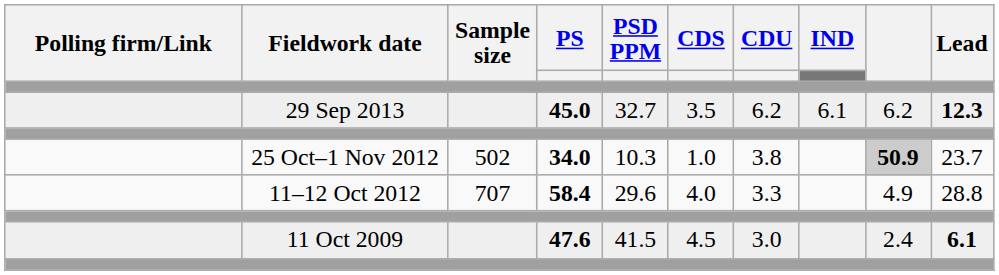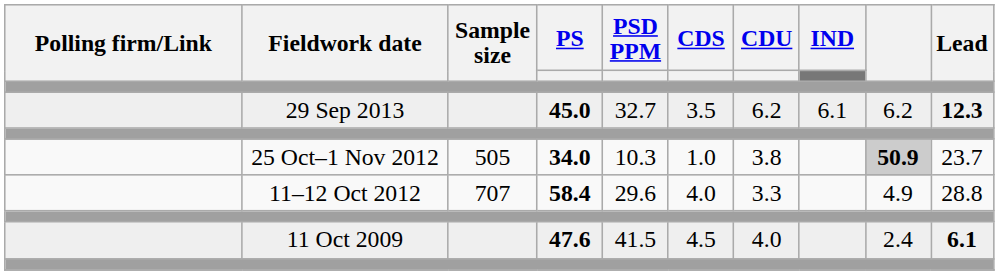 <table class="wikitable collapsible sortable" style="text-align:center; font-size:95%; line-height:16px;">
 <tr style="height:42px;">
 <th style="width:145px;" rowspan="2">Polling firm/Link</th>
 <th style="width:125px;" rowspan="2">Fieldwork date</th>
 <th class="unsortable" style="width:50px;" rowspan="2">Sample size</th>
 <th class="unsortable" style="width:35px;"><a href='#'>PS</a></th>
 <th class="unsortable" style="width:35px;"><a href='#'>PSD</a><br><a href='#'>PPM</a></th>
 <th class="unsortable" style="width:35px;"><a href='#'>CDS</a></th>
 <th class="unsortable" style="width:35px;"><a href='#'>CDU</a></th>
 <th class="unsortable" style="width:35px;"><a href='#'>IND</a></th>
 <th class="unsortable" style="width:35px;" rowspan="2"></th>
 <th class="unsortable" style="width:30px;" rowspan="2">Lead</th>
 </tr>
 <tr>
 <th class="unsortable" style="color:inherit;background:"></th>
 <th class="unsortable" style="color:inherit;background:"></th>
 <th class="unsortable" style="color:inherit;background:"></th>
 <th class="unsortable" style="color:inherit;background:"></th>
 <th class="unsortable" style="color:inherit;background:#777777;"></th>
 </tr>
 <tr>
 <td colspan="13" style="background:#A0A0A0"></td>
 </tr>
 <tr style="background:#EFEFEF;">
 <td><strong></strong></td>
 <td data-sort-value="2019-10-06">29 Sep 2013</td>
 <td></td>
 <td><strong>45.0</strong><br></td>
 <td>32.7<br></td>
 <td>3.5<br></td>
 <td>6.2<br></td>
 <td>6.1<br></td>
 <td>6.2</td>
 <td style="background:"><strong>12.3</strong></td>
 </tr>
 <tr>
 <td colspan="13" style="background:#A0A0A0"></td>
 </tr>
 <tr>
 <td align="center"></td>
 <td align="center">25 Oct–1 Nov 2012</td>
-<td>502</td>
+<td>505</td>
 <td align="center" ><strong>34.0</strong></td>
 <td align="center">10.3</td>
 <td align="center">1.0</td>
 <td align="center">3.8</td>
 <td></td>
 <td align="center" style="background:#cccccc"><strong>50.9</strong></td>
 <td style="background:">23.7</td>
 </tr>
 <tr>
 <td align="center"></td>
 <td align="center">11–12 Oct 2012</td>
 <td>707</td>
 <td align="center" ><strong>58.4</strong></td>
 <td align="center">29.6</td>
 <td align="center">4.0</td>
 <td align="center">3.3</td>
 <td></td>
 <td align="center">4.9</td>
 <td style="background:">28.8</td>
 </tr>
 <tr>
 <td colspan="13" style="background:#A0A0A0"></td>
 </tr>
 <tr style="background:#EFEFEF;">
 <td><strong></strong></td>
 <td data-sort-value="2019-10-06">11 Oct 2009</td>
 <td></td>
 <td><strong>47.6</strong><br></td>
 <td>41.5<br></td>
 <td>4.5<br></td>
-<td>3.0<br></td>
+<td>4.0<br></td>
 <td></td>
 <td>2.4</td>
 <td style="background:"><strong>6.1</strong></td>
 </tr>
 <tr>
 <td colspan="13" style="background:#A0A0A0"></td>
 </tr>
 <tr>
 </tr>
 </table>
